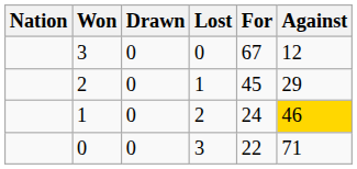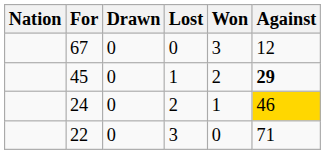 <table class="wikitable">
 <tr>
 <th>Nation</th>
-<th>Won</th>
+<th>For</th>
 <th>Drawn</th>
 <th>Lost</th>
-<th>For</th>
+<th>Won</th>
 <th>Against</th>
 </tr>
 <tr>
 <td></td>
-<td>3</td>
+<td>67</td>
 <td>0</td>
 <td>0</td>
-<td>67</td>
+<td>3</td>
 <td>12</td>
 </tr>
 <tr>
 <td></td>
-<td>2</td>
+<td>45</td>
 <td>0</td>
 <td>1</td>
-<td>45</td>
-<td>29</td>
+<td>2</td>
+<td><strong>29</strong></td>
 </tr>
 <tr>
 <td></td>
-<td>1</td>
+<td>24</td>
 <td>0</td>
 <td>2</td>
-<td>24</td>
+<td>1</td>
 <td style="background: gold;">46</td>
 </tr>
 <tr>
 <td></td>
-<td>0</td>
+<td>22</td>
 <td>0</td>
 <td>3</td>
-<td>22</td>
+<td>0</td>
 <td>71</td>
 </tr>
 </table>
